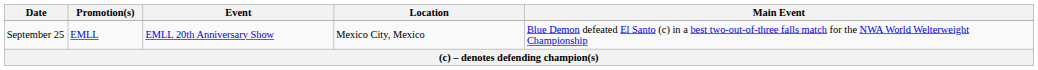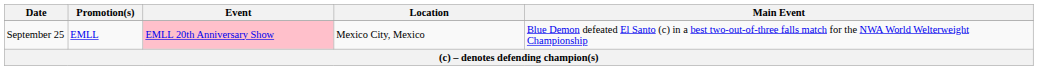 <table class="wikitable" style="width:100%;">
 <tr>
 <th width=5%>Date</th>
 <th width=5%>Promotion(s)</th>
 <th style="width:15%;">Event</th>
 <th style="width:15%;">Location</th>
 <th style="width:40%;">Main Event</th>
 </tr>
 <tr style="width:20%;"| Notes>
 </tr>
 <tr>
 <td>September 25</td>
 <td><a href='#'>EMLL</a></td>
-<td><a href='#'>EMLL 20th Anniversary Show</a></td>
+<td style="background: pink;"><a href='#'>EMLL 20th Anniversary Show</a></td>
 <td>Mexico City, Mexico</td>
 <td><a href='#'>Blue Demon</a> defeated <a href='#'>El Santo</a> (c) in a <a href='#'>best two-out-of-three falls match</a> for the <a href='#'>NWA World Welterweight Championship</a></td>
 </tr>
 <tr>
 <th colspan="5">(c) – denotes defending champion(s)</th>
 </tr>
 </table>
